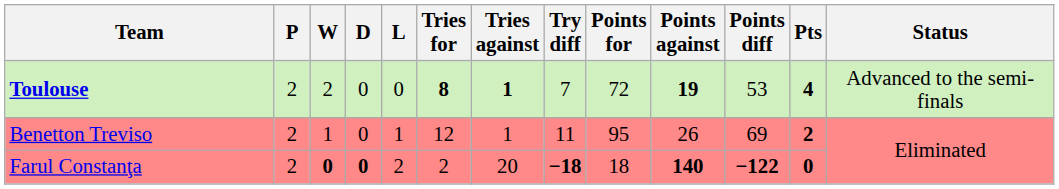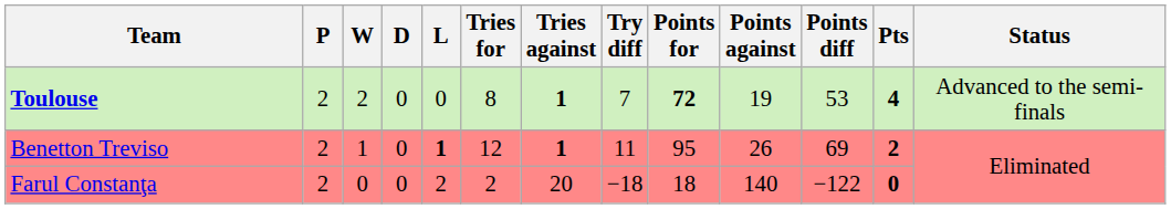 <table class="wikitable" style="text-align: center;">
 <tr>
 <th width="200">Team</th>
 <th width="20">P</th>
 <th width="20">W</th>
 <th width="20">D</th>
 <th width="20">L</th>
 <th width="20">Tries for</th>
 <th width="20">Tries against</th>
 <th width="20">Try diff</th>
 <th width="20">Points for</th>
 <th width="20">Points against</th>
 <th width="25">Points diff</th>
 <th width="20">Pts</th>
 <th width="167">Status</th>
 </tr>
 <tr bgcolor="#D0F0C0">
 <td align="left"> <strong><a href='#'>Toulouse</a></strong></td>
 <td>2</td>
 <td>2</td>
 <td>0</td>
 <td>0</td>
-<td><strong>8</strong></td>
+<td>8</td>
 <td><strong>1</strong></td>
 <td>7</td>
-<td>72</td>
-<td><strong>19</strong></td>
+<td><strong>72</strong></td>
+<td>19</td>
 <td>53</td>
 <td><strong>4</strong></td>
 <td>Advanced to the semi-finals</td>
 </tr>
 <tr bgcolor=#FF8888>
 <td align="left"> <a href='#'>Benetton Treviso</a></td>
 <td>2</td>
 <td>1</td>
 <td>0</td>
-<td>1</td>
+<td><strong>1</strong></td>
 <td>12</td>
-<td>1</td>
+<td><strong>1</strong></td>
 <td>11</td>
 <td>95</td>
 <td>26</td>
 <td>69</td>
 <td><strong>2</strong></td>
 <td rowspan=2>Eliminated</td>
 </tr>
 <tr bgcolor=#FF8888>
 <td align="left"> <a href='#'>Farul Constanţa</a></td>
 <td>2</td>
-<td><strong>0</strong></td>
-<td><strong>0</strong></td>
+<td>0</td>
+<td>0</td>
 <td>2</td>
 <td>2</td>
 <td>20</td>
-<td><strong>−18</strong></td>
+<td>−18</td>
 <td>18</td>
-<td><strong>140</strong></td>
-<td><strong>−122</strong></td>
+<td>140</td>
+<td>−122</td>
 <td><strong>0</strong></td>
 </tr>
 </table>
